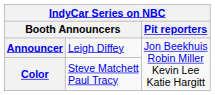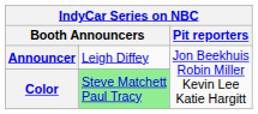 <table class="wikitable" style="font-size: 95%">
 <tr>
 <th colspan=3><a href='#'>IndyCar Series on NBC</a></th>
 </tr>
 <tr>
 <th colspan=2>Booth Announcers</th>
 <th><a href='#'>Pit reporters</a></th>
 </tr>
 <tr>
 <th><a href='#'>Announcer</a></th>
 <td><a href='#'>Leigh Diffey</a></td>
 <td align="center" rowspan=2 valign="top"><a href='#'>Jon Beekhuis</a><br><a href='#'>Robin Miller</a><br>Kevin Lee<br>Katie Hargitt</td>
 </tr>
 <tr>
 <th><a href='#'>Color</a></th>
-<td><a href='#'>Steve Matchett</a><br><a href='#'>Paul Tracy</a></td>
+<td style="background: lightgreen;"><a href='#'>Steve Matchett</a><br><a href='#'>Paul Tracy</a></td>
 </tr>
 </table>
